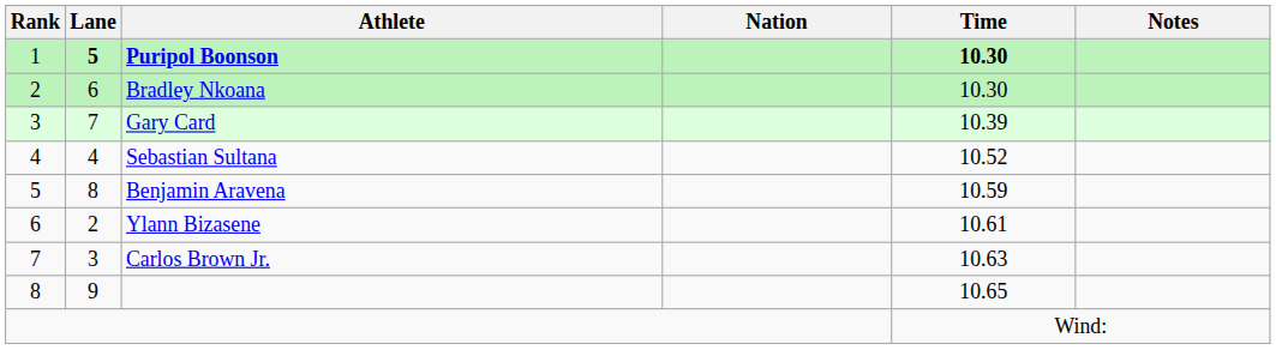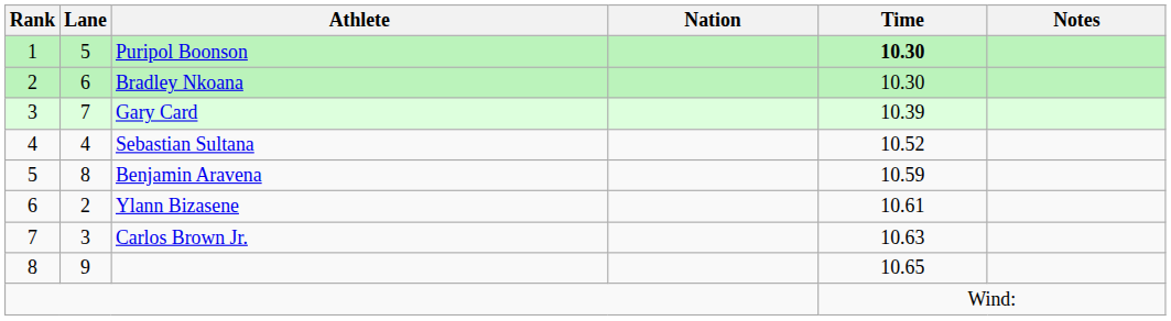 <table class="wikitable sortable" style="text-align:center;width: 60%;">
 <tr>
 <th scope="col" style="width: 10px;">Rank</th>
 <th scope="col" style="width: 10px;">Lane</th>
 <th scope="col">Athlete</th>
 <th scope="col">Nation</th>
 <th scope="col">Time</th>
 <th scope="col">Notes</th>
 </tr>
 <tr bgcolor=bbf3bb>
 <td>1</td>
-<td><strong>5</strong></td>
-<td align=left><strong><a href='#'>Puripol Boonson</a></strong></td>
+<td>5</td>
+<td align=left><a href='#'>Puripol Boonson</a></td>
 <td align=left></td>
 <td><strong>10.30 </strong></td>
 <td></td>
 </tr>
 <tr bgcolor=bbf3bb>
 <td>2</td>
 <td>6</td>
 <td align=left><a href='#'>Bradley Nkoana</a></td>
 <td align=left></td>
 <td>10.30 </td>
 <td></td>
 </tr>
 <tr bgcolor=ddffdd>
 <td>3</td>
 <td>7</td>
 <td align=left><a href='#'>Gary Card</a></td>
 <td align=left></td>
 <td>10.39</td>
 <td></td>
 </tr>
 <tr>
 <td>4</td>
 <td>4</td>
 <td align=left><a href='#'>Sebastian Sultana</a></td>
 <td align=left></td>
 <td>10.52</td>
 <td></td>
 </tr>
 <tr>
 <td>5</td>
 <td>8</td>
 <td align=left><a href='#'>Benjamin Aravena</a></td>
 <td align=left></td>
 <td>10.59</td>
 <td></td>
 </tr>
 <tr>
 <td>6</td>
 <td>2</td>
 <td align=left><a href='#'>Ylann Bizasene</a></td>
 <td align=left></td>
 <td>10.61</td>
 <td></td>
 </tr>
 <tr>
 <td>7</td>
 <td>3</td>
 <td align=left><a href='#'>Carlos Brown Jr.</a></td>
 <td align=left></td>
 <td>10.63</td>
 <td></td>
 </tr>
 <tr>
 <td>8</td>
 <td>9</td>
 <td align=left></td>
 <td align=left></td>
 <td>10.65</td>
 <td></td>
 </tr>
 <tr class="sortbottom">
 <td colspan="4"></td>
 <td colspan="2">Wind: </td>
 </tr>
 </table>
